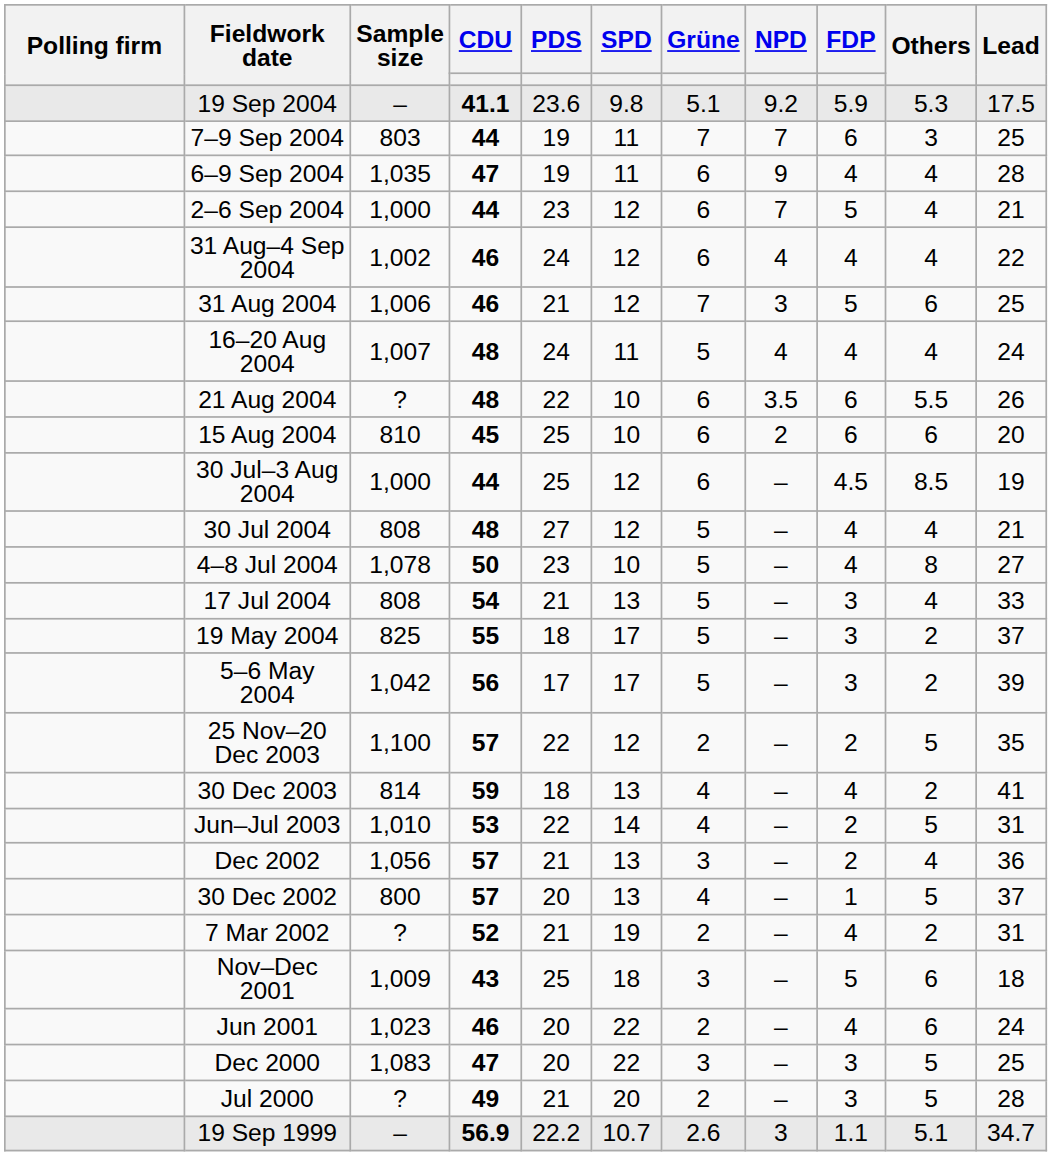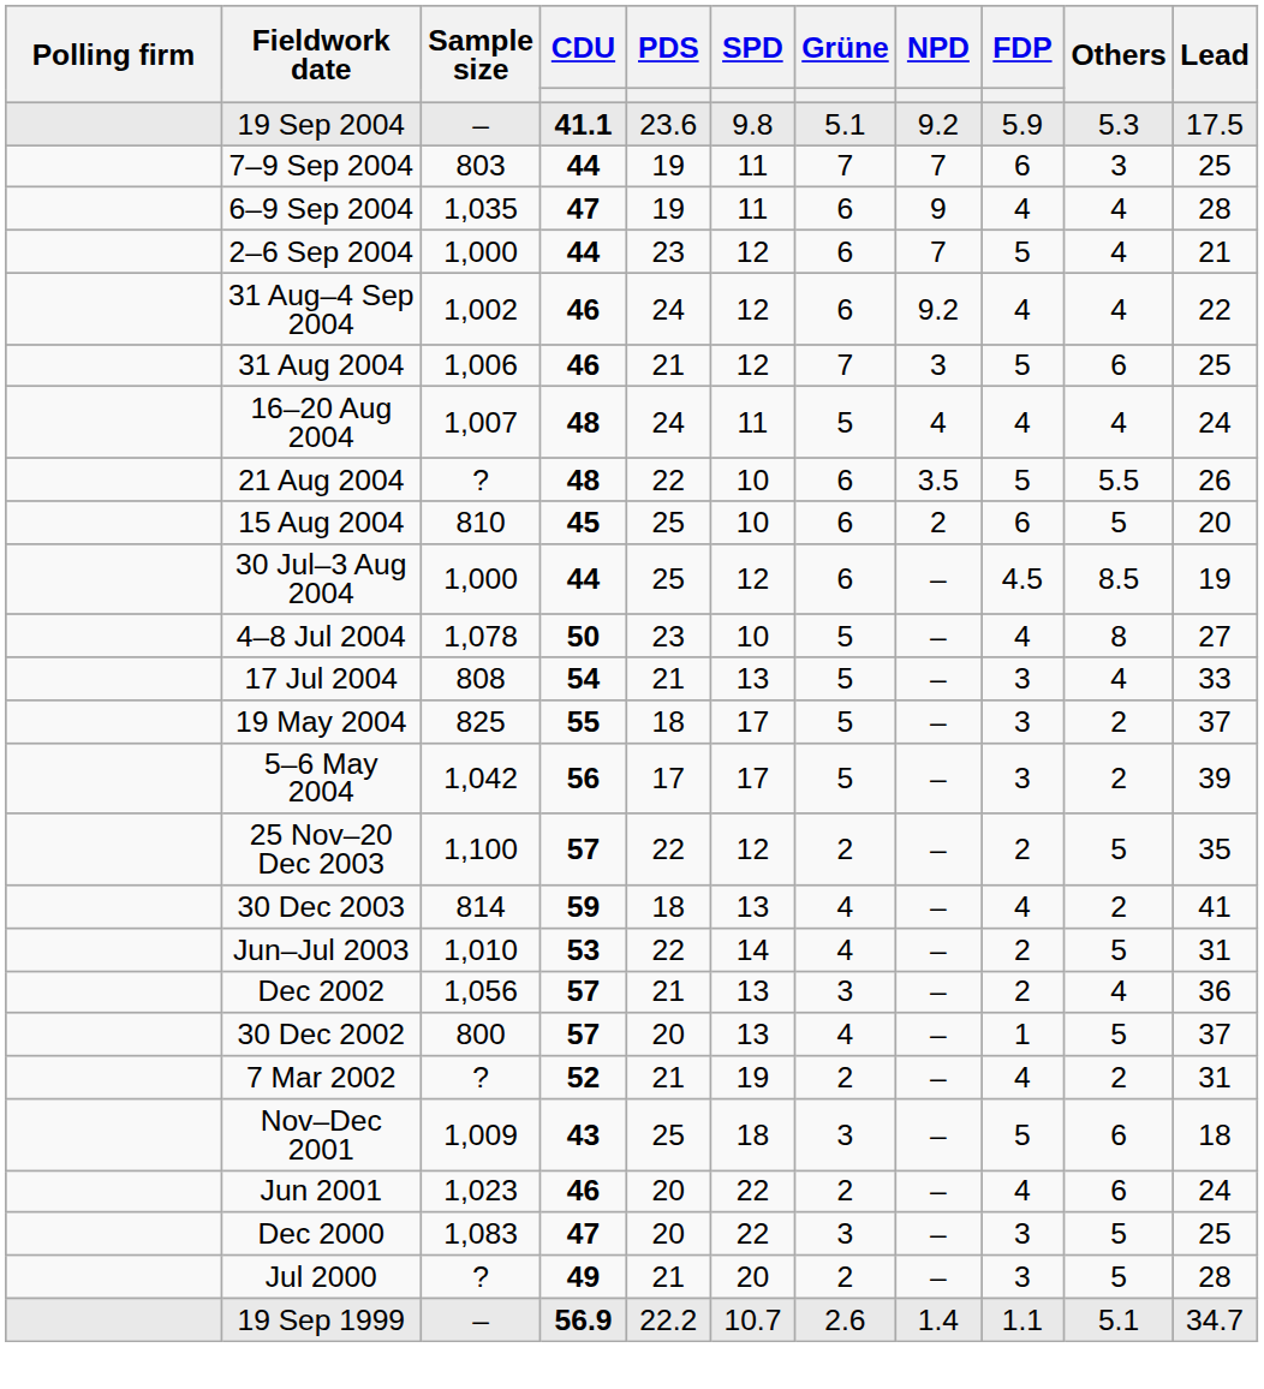 <table class="wikitable sortable" style="text-align:center;font-size:90%;line-height:14px;">
 <tr style="height:40px;">
 <th style="width:160px;" rowspan="2">Polling firm</th>
 <th style="width:120px;" rowspan="2">Fieldwork date</th>
 <th style="width:35px;" rowspan="2">Sample<br>size</th>
 <th class="unsortable" style="width:40px;"><a href='#'>CDU</a></th>
 <th class="unsortable" style="width:40px;"><a href='#'>PDS</a></th>
 <th class="unsortable" style="width:40px;"><a href='#'>SPD</a></th>
 <th class="unsortable" style="width:40px;"><a href='#'>Grüne</a></th>
 <th class="unsortable" style="width:40px;"><a href='#'>NPD</a></th>
 <th class="unsortable" style="width:40px;"><a href='#'>FDP</a></th>
 <th class="unsortable" style="width:40px;" rowspan="2">Others</th>
 <th style="width:30px;" rowspan="2">Lead</th>
 </tr>
 <tr>
 <th style="background:"></th>
 <th style="background:"></th>
 <th style="background:"></th>
 <th style="background:"></th>
 <th style="background:"></th>
 <th style="background:"></th>
 </tr>
 <tr style="background:#E9E9E9;">
 <td></td>
 <td data-sort-value="2004-09-19">19 Sep 2004</td>
 <td>–</td>
 <td><strong>41.1</strong></td>
 <td>23.6</td>
 <td>9.8</td>
 <td>5.1</td>
 <td>9.2</td>
 <td>5.9</td>
 <td>5.3</td>
 <td style="background:">17.5</td>
 </tr>
 <tr>
 <td></td>
 <td data-sort-value="2004-09-10">7–9 Sep 2004</td>
 <td>803</td>
 <td><strong>44</strong></td>
 <td>19</td>
 <td>11</td>
 <td>7</td>
 <td>7</td>
 <td>6</td>
 <td>3</td>
 <td style="background:">25</td>
 </tr>
 <tr>
 <td></td>
 <td data-sort-value="2004-09-10">6–9 Sep 2004</td>
 <td>1,035</td>
 <td><strong>47</strong></td>
 <td>19</td>
 <td>11</td>
 <td>6</td>
 <td>9</td>
 <td>4</td>
 <td>4</td>
 <td style="background:">28</td>
 </tr>
 <tr>
 <td></td>
 <td data-sort-value="2004-09-08">2–6 Sep 2004</td>
 <td>1,000</td>
 <td><strong>44</strong></td>
 <td>23</td>
 <td>12</td>
 <td>6</td>
 <td>7</td>
 <td>5</td>
 <td>4</td>
 <td style="background:">21</td>
 </tr>
 <tr>
 <td></td>
 <td data-sort-value="2004-09-07">31 Aug–4 Sep 2004</td>
 <td>1,002</td>
 <td><strong>46</strong></td>
 <td>24</td>
 <td>12</td>
 <td>6</td>
-<td>4</td>
+<td>9.2</td>
 <td>4</td>
 <td>4</td>
 <td style="background:">22</td>
 </tr>
 <tr>
 <td></td>
 <td data-sort-value="2004-08-31">31 Aug 2004</td>
 <td>1,006</td>
 <td><strong>46</strong></td>
 <td>21</td>
 <td>12</td>
 <td>7</td>
 <td>3</td>
 <td>5</td>
 <td>6</td>
 <td style="background:">25</td>
 </tr>
 <tr>
 <td></td>
 <td data-sort-value="2004-08-24">16–20 Aug 2004</td>
 <td>1,007</td>
 <td><strong>48</strong></td>
 <td>24</td>
 <td>11</td>
 <td>5</td>
 <td>4</td>
 <td>4</td>
 <td>4</td>
 <td style="background:">24</td>
 </tr>
 <tr>
 <td></td>
 <td data-sort-value="2004-08-21">21 Aug 2004</td>
 <td>?</td>
 <td><strong>48</strong></td>
 <td>22</td>
 <td>10</td>
 <td>6</td>
 <td>3.5</td>
-<td>6</td>
+<td>5</td>
 <td>5.5</td>
 <td style="background:">26</td>
 </tr>
 <tr>
 <td></td>
 <td data-sort-value="2004-08-15">15 Aug 2004</td>
 <td>810</td>
 <td><strong>45</strong></td>
 <td>25</td>
 <td>10</td>
 <td>6</td>
 <td>2</td>
 <td>6</td>
-<td>6</td>
+<td>5</td>
 <td style="background:">20</td>
 </tr>
 <tr>
 <td></td>
 <td data-sort-value="2004-08-05">30 Jul–3 Aug 2004</td>
 <td>1,000</td>
 <td><strong>44</strong></td>
 <td>25</td>
 <td>12</td>
 <td>6</td>
 <td>–</td>
 <td>4.5</td>
 <td>8.5</td>
 <td style="background:">19</td>
-</tr>
-<tr>
-<td></td>
-<td data-sort-value="2004-07-30">30 Jul 2004</td>
-<td>808</td>
-<td><strong>48</strong></td>
-<td>27</td>
-<td>12</td>
-<td>5</td>
-<td>–</td>
-<td>4</td>
-<td>4</td>
-<td style="background:">21</td>
 </tr>
 <tr>
 <td></td>
 <td data-sort-value="2004-07-26">4–8 Jul 2004</td>
 <td>1,078</td>
 <td><strong>50</strong></td>
 <td>23</td>
 <td>10</td>
 <td>5</td>
 <td>–</td>
 <td>4</td>
 <td>8</td>
 <td style="background:">27</td>
 </tr>
 <tr>
 <td></td>
 <td data-sort-value="2004-07-17">17 Jul 2004</td>
 <td>808</td>
 <td><strong>54</strong></td>
 <td>21</td>
 <td>13</td>
 <td>5</td>
 <td>–</td>
 <td>3</td>
 <td>4</td>
 <td style="background:">33</td>
 </tr>
 <tr>
 <td></td>
 <td data-sort-value="2004-05-19">19 May 2004</td>
 <td>825</td>
 <td><strong>55</strong></td>
 <td>18</td>
 <td>17</td>
 <td>5</td>
 <td>–</td>
 <td>3</td>
 <td>2</td>
 <td style="background:">37</td>
 </tr>
 <tr>
 <td></td>
 <td data-sort-value="2004-05-09">5–6 May 2004</td>
 <td>1,042</td>
 <td><strong>56</strong></td>
 <td>17</td>
 <td>17</td>
 <td>5</td>
 <td>–</td>
 <td>3</td>
 <td>2</td>
 <td style="background:">39</td>
 </tr>
 <tr>
 <td></td>
 <td data-sort-value="2004-01-20">25 Nov–20 Dec 2003</td>
 <td>1,100</td>
 <td><strong>57</strong></td>
 <td>22</td>
 <td>12</td>
 <td>2</td>
 <td>–</td>
 <td>2</td>
 <td>5</td>
 <td style="background:">35</td>
 </tr>
 <tr>
 <td></td>
 <td data-sort-value="2003-12-30">30 Dec 2003</td>
 <td>814</td>
 <td><strong>59</strong></td>
 <td>18</td>
 <td>13</td>
 <td>4</td>
 <td>–</td>
 <td>4</td>
 <td>2</td>
 <td style="background:">41</td>
 </tr>
 <tr>
 <td></td>
 <td data-sort-value="2003-08-19">Jun–Jul 2003</td>
 <td>1,010</td>
 <td><strong>53</strong></td>
 <td>22</td>
 <td>14</td>
 <td>4</td>
 <td>–</td>
 <td>2</td>
 <td>5</td>
 <td style="background:">31</td>
 </tr>
 <tr>
 <td></td>
 <td data-sort-value="2003-01-16">Dec 2002</td>
 <td>1,056</td>
 <td><strong>57</strong></td>
 <td>21</td>
 <td>13</td>
 <td>3</td>
 <td>–</td>
 <td>2</td>
 <td>4</td>
 <td style="background:">36</td>
 </tr>
 <tr>
 <td></td>
 <td data-sort-value="2002-12-30">30 Dec 2002</td>
 <td>800</td>
 <td><strong>57</strong></td>
 <td>20</td>
 <td>13</td>
 <td>4</td>
 <td>–</td>
 <td>1</td>
 <td>5</td>
 <td style="background:">37</td>
 </tr>
 <tr>
 <td></td>
 <td data-sort-value="2002-03-07">7 Mar 2002</td>
 <td>?</td>
 <td><strong>52</strong></td>
 <td>21</td>
 <td>19</td>
 <td>2</td>
 <td>–</td>
 <td>4</td>
 <td>2</td>
 <td style="background:">31</td>
 </tr>
 <tr>
 <td></td>
 <td data-sort-value="2002-01-14">Nov–Dec 2001</td>
 <td>1,009</td>
 <td><strong>43</strong></td>
 <td>25</td>
 <td>18</td>
 <td>3</td>
 <td>–</td>
 <td>5</td>
 <td>6</td>
 <td style="background:">18</td>
 </tr>
 <tr>
 <td></td>
 <td data-sort-value="2001-08-03">Jun 2001</td>
 <td>1,023</td>
 <td><strong>46</strong></td>
 <td>20</td>
 <td>22</td>
 <td>2</td>
 <td>–</td>
 <td>4</td>
 <td>6</td>
 <td style="background:">24</td>
 </tr>
 <tr>
 <td></td>
 <td data-sort-value="2001-01-24">Dec 2000</td>
 <td>1,083</td>
 <td><strong>47</strong></td>
 <td>20</td>
 <td>22</td>
 <td>3</td>
 <td>–</td>
 <td>3</td>
 <td>5</td>
 <td style="background:">25</td>
 </tr>
 <tr>
 <td></td>
 <td data-sort-value="2000-08-25">Jul 2000</td>
 <td>?</td>
 <td><strong>49</strong></td>
 <td>21</td>
 <td>20</td>
 <td>2</td>
 <td>–</td>
 <td>3</td>
 <td>5</td>
 <td style="background:">28</td>
 </tr>
 <tr style="background:#E9E9E9;">
 <td></td>
 <td data-sort-value="1999-09-19">19 Sep 1999</td>
 <td>–</td>
 <td><strong>56.9</strong></td>
 <td>22.2</td>
 <td>10.7</td>
 <td>2.6</td>
-<td>3</td>
+<td>1.4</td>
 <td>1.1</td>
 <td>5.1</td>
 <td style="background:">34.7</td>
 </tr>
 </table>
